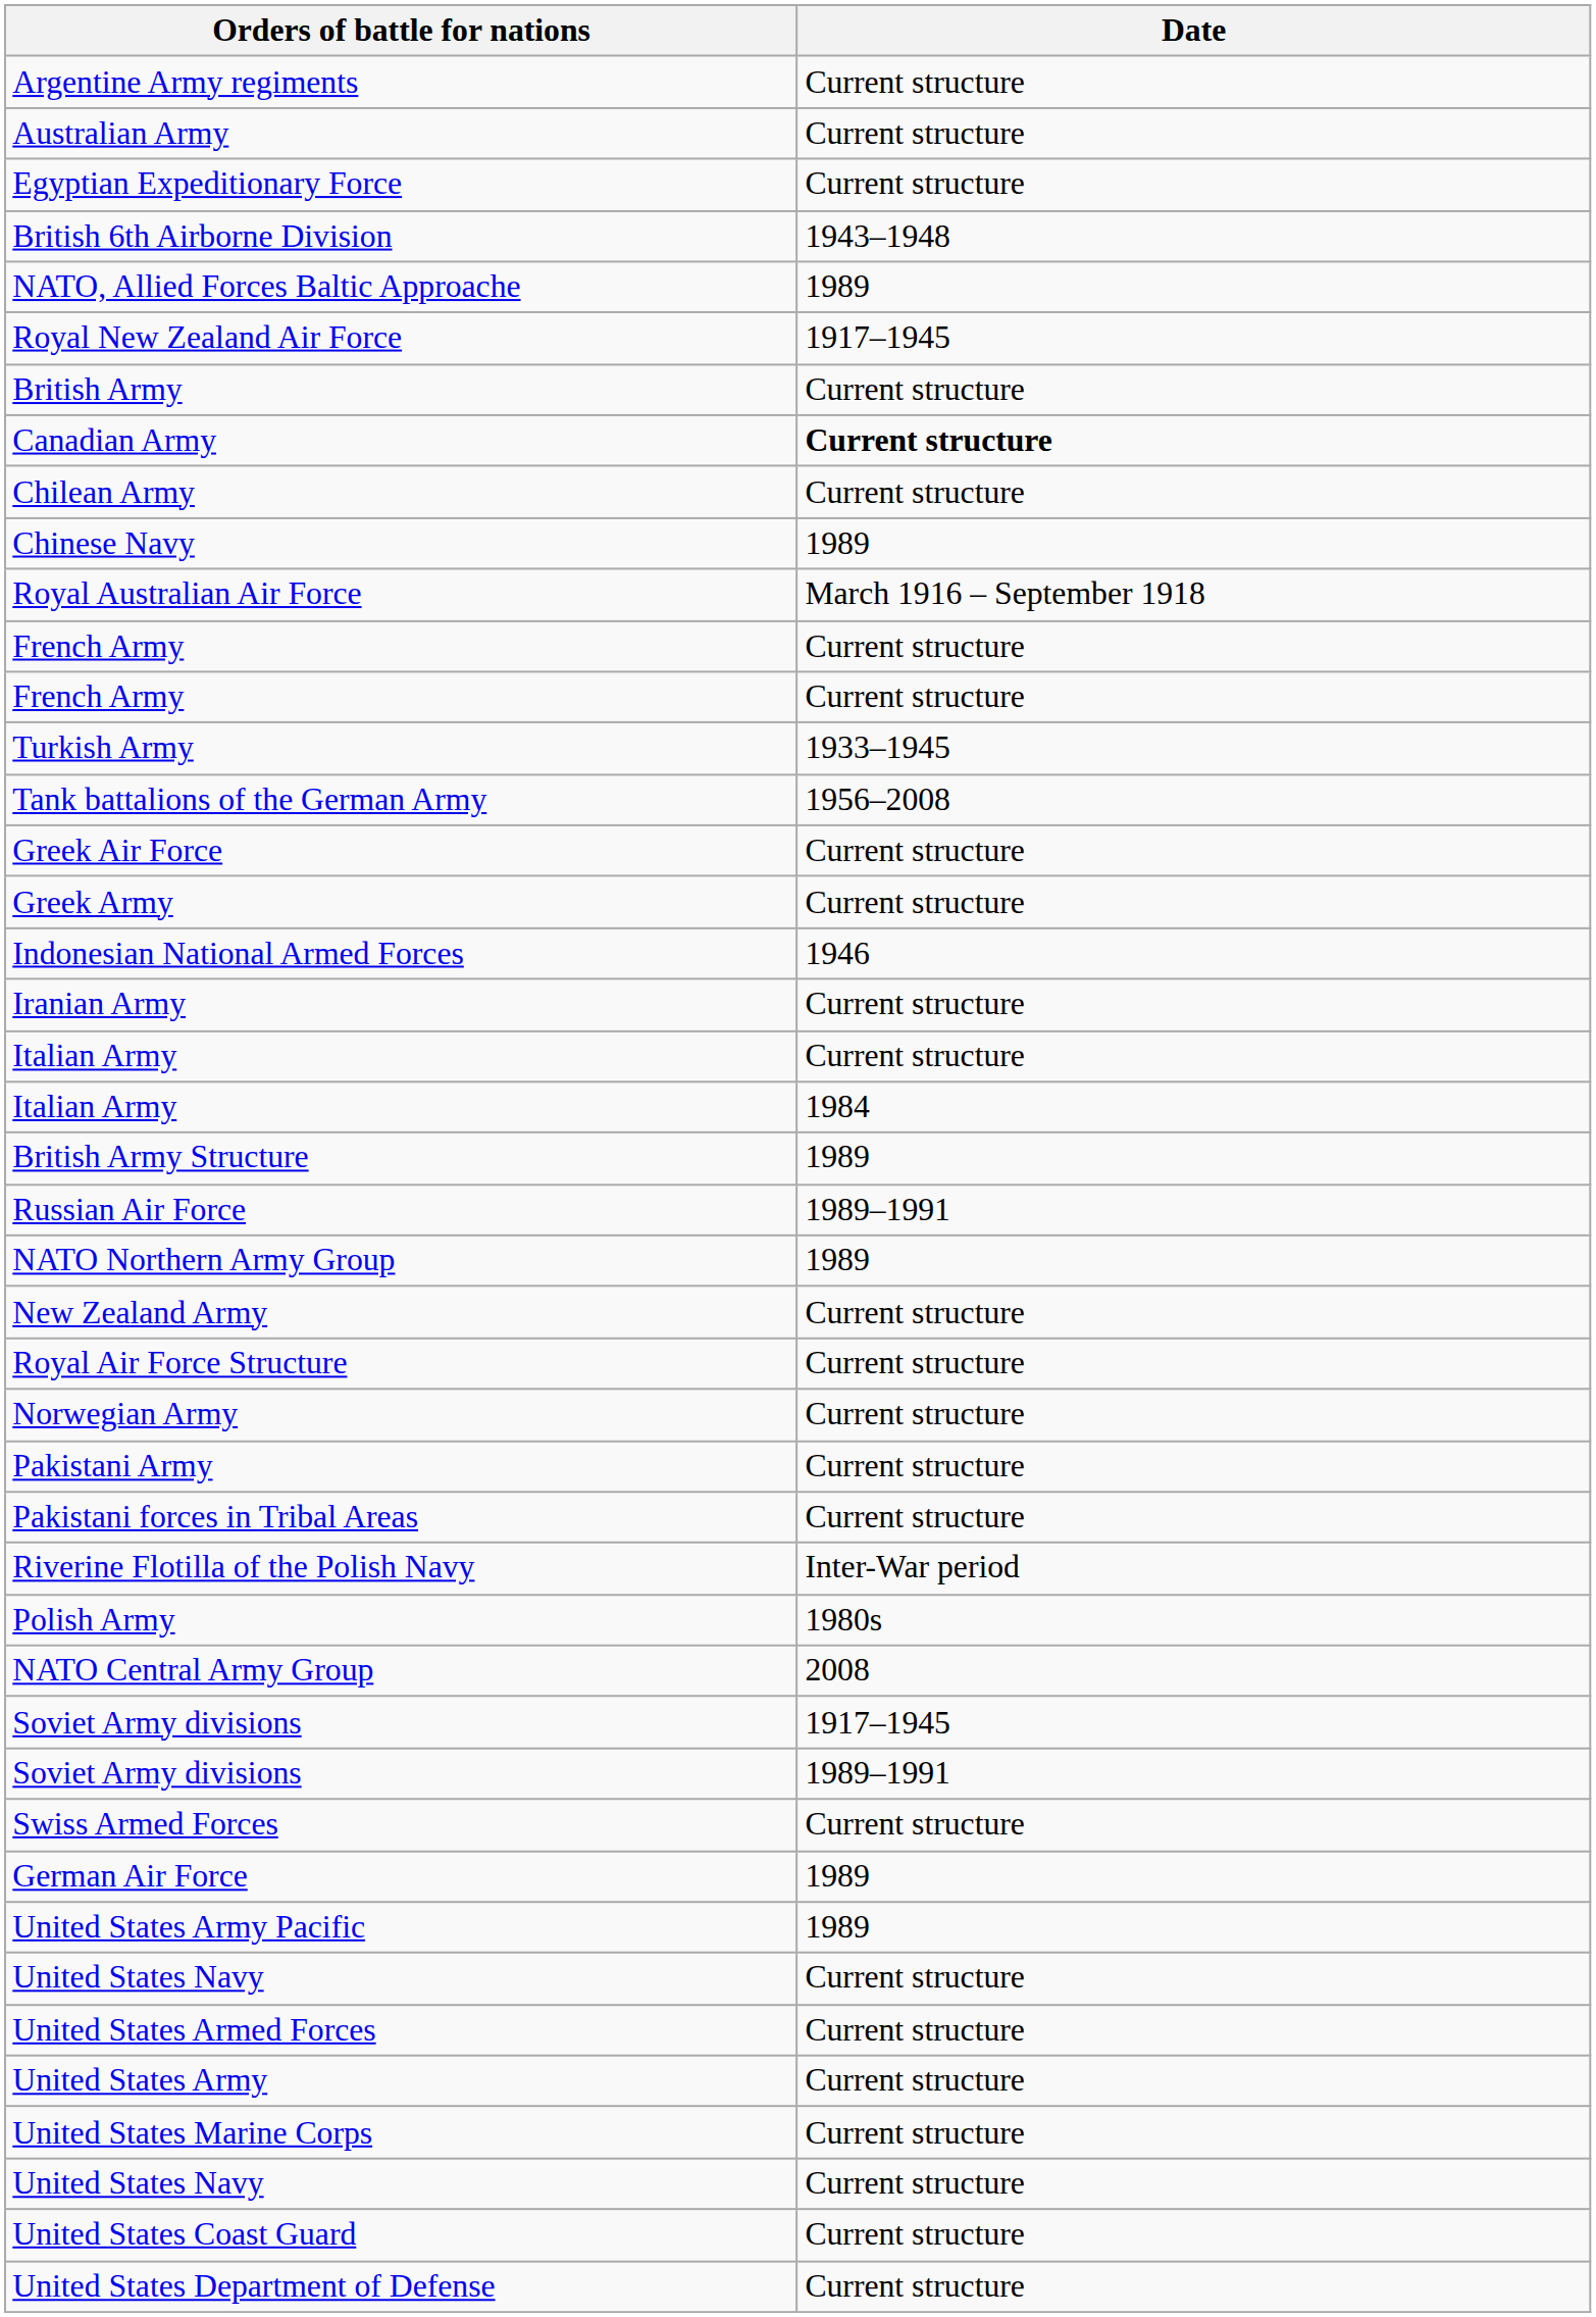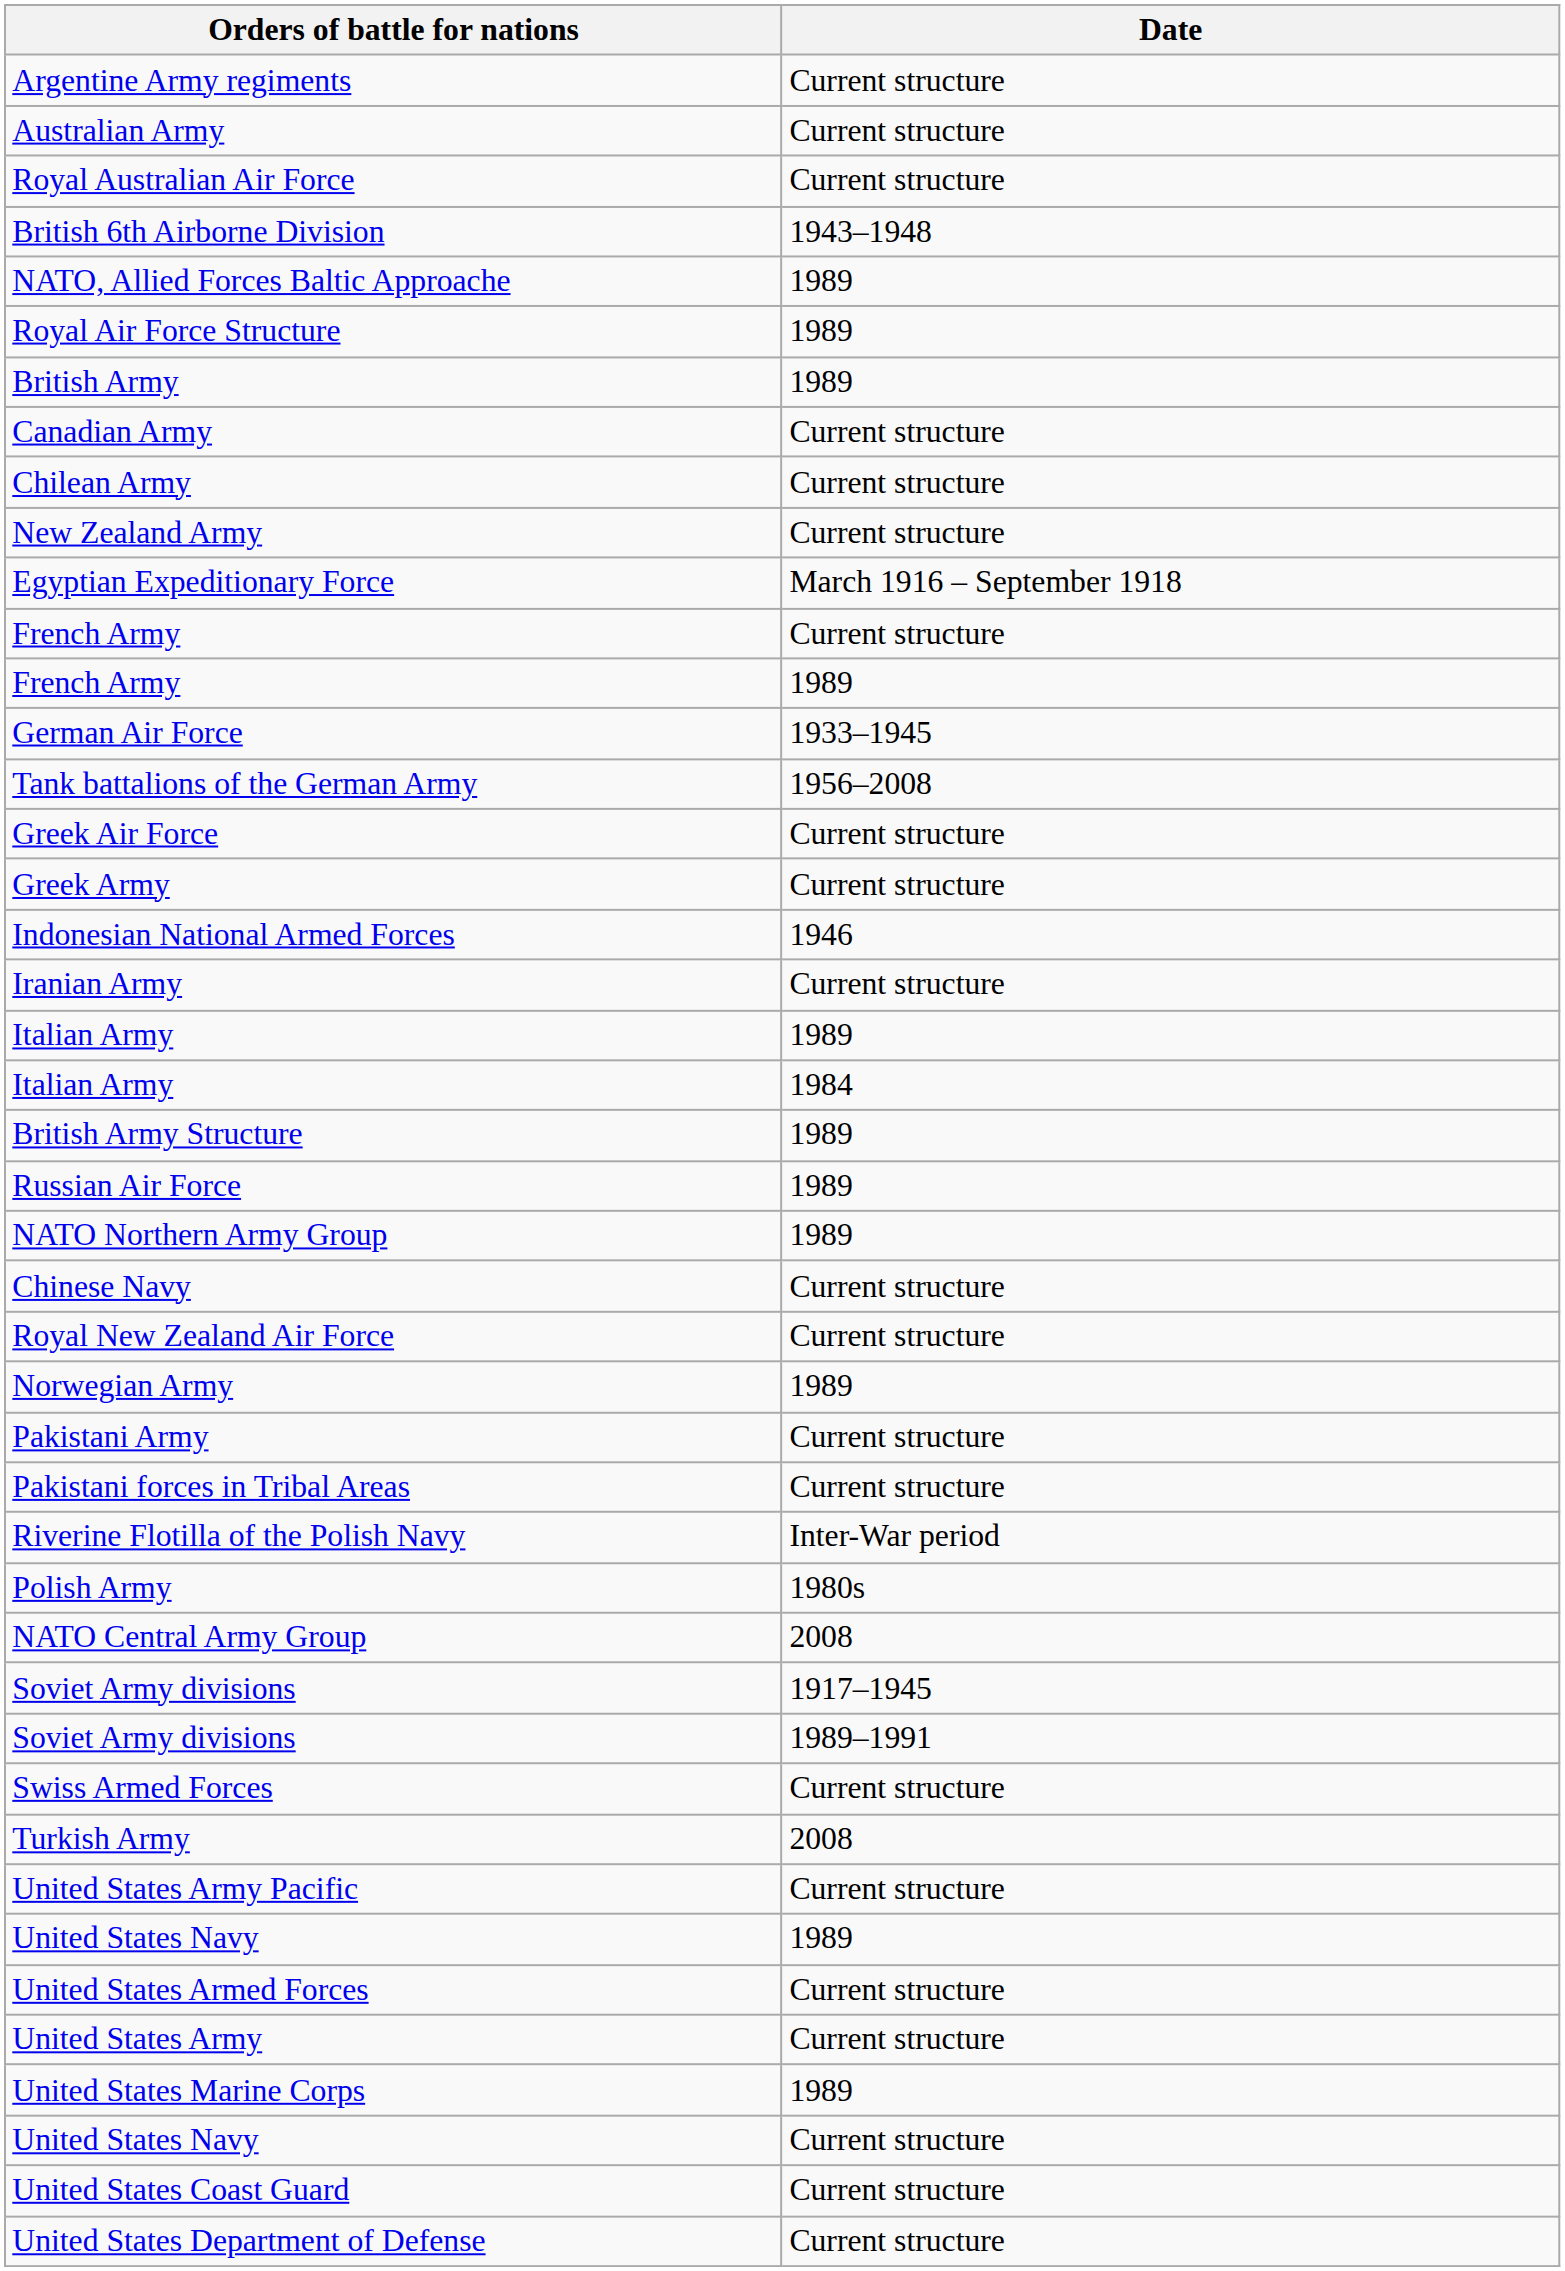 <table class="wikitable">
 <tr>
 <th style="width: 33%;">Orders of battle for nations</th>
 <th style="width: 33%;">Date</th>
 </tr>
 <tr>
 <td><a href='#'>Argentine Army regiments</a></td>
 <td>Current structure</td>
 </tr>
 <tr>
 <td><a href='#'>Australian Army</a></td>
 <td>Current structure</td>
 </tr>
 <tr>
-<td><a href='#'>Egyptian Expeditionary Force</a></td>
+<td><a href='#'>Royal Australian Air Force</a></td>
 <td>Current structure</td>
 </tr>
 <tr>
 <td><a href='#'>British 6th Airborne Division</a></td>
 <td>1943–1948</td>
 </tr>
 <tr>
 <td><a href='#'>NATO, Allied Forces Baltic Approache</a></td>
 <td>1989</td>
 </tr>
 <tr>
-<td><a href='#'>Royal New Zealand Air Force</a></td>
-<td>1917–1945</td>
+<td><a href='#'>Royal Air Force Structure</a></td>
+<td>1989</td>
 </tr>
 <tr>
 <td><a href='#'>British Army</a></td>
-<td>Current structure</td>
+<td>1989</td>
 </tr>
 <tr>
 <td><a href='#'>Canadian Army</a></td>
-<td><strong>Current structure</strong></td>
+<td>Current structure</td>
 </tr>
 <tr>
 <td><a href='#'>Chilean Army</a></td>
 <td>Current structure</td>
 </tr>
 <tr>
-<td><a href='#'>Chinese Navy</a></td>
-<td>1989</td>
+<td><a href='#'>New Zealand Army</a></td>
+<td>Current structure</td>
 </tr>
 <tr>
-<td><a href='#'>Royal Australian Air Force</a></td>
+<td><a href='#'>Egyptian Expeditionary Force</a></td>
 <td>March 1916 – September 1918</td>
 </tr>
 <tr>
 <td><a href='#'>French Army</a></td>
 <td>Current structure</td>
 </tr>
 <tr>
 <td><a href='#'>French Army</a></td>
-<td>Current structure</td>
+<td>1989</td>
 </tr>
 <tr>
-<td><a href='#'>Turkish Army</a></td>
+<td><a href='#'>German Air Force</a></td>
 <td>1933–1945</td>
 </tr>
 <tr>
 <td><a href='#'>Tank battalions of the German Army</a></td>
 <td>1956–2008</td>
 </tr>
 <tr>
 <td><a href='#'>Greek Air Force</a></td>
 <td>Current structure</td>
 </tr>
 <tr>
 <td><a href='#'>Greek Army</a></td>
 <td>Current structure</td>
 </tr>
 <tr>
 <td><a href='#'>Indonesian National Armed Forces</a></td>
 <td>1946</td>
 </tr>
 <tr>
 <td><a href='#'>Iranian Army</a></td>
 <td>Current structure</td>
 </tr>
 <tr>
 <td><a href='#'>Italian Army</a></td>
-<td>Current structure</td>
+<td>1989</td>
 </tr>
 <tr>
 <td><a href='#'>Italian Army</a></td>
 <td>1984</td>
 </tr>
 <tr>
 <td><a href='#'>British Army Structure</a></td>
 <td>1989</td>
 </tr>
 <tr>
 <td><a href='#'>Russian Air Force</a></td>
-<td>1989–1991</td>
+<td>1989</td>
 </tr>
 <tr>
 <td><a href='#'>NATO Northern Army Group</a></td>
 <td>1989</td>
 </tr>
 <tr>
-<td><a href='#'>New Zealand Army</a></td>
+<td><a href='#'>Chinese Navy</a></td>
 <td>Current structure</td>
 </tr>
 <tr>
-<td><a href='#'>Royal Air Force Structure</a></td>
+<td><a href='#'>Royal New Zealand Air Force</a></td>
 <td>Current structure</td>
 </tr>
 <tr>
 <td><a href='#'>Norwegian Army</a></td>
-<td>Current structure</td>
+<td>1989</td>
 </tr>
 <tr>
 <td><a href='#'>Pakistani Army</a></td>
 <td>Current structure</td>
 </tr>
 <tr>
 <td><a href='#'>Pakistani forces in Tribal Areas</a></td>
 <td>Current structure</td>
 </tr>
 <tr>
 <td><a href='#'>Riverine Flotilla of the Polish Navy</a></td>
 <td>Inter-War period</td>
 </tr>
 <tr>
 <td><a href='#'>Polish Army</a></td>
 <td>1980s</td>
 </tr>
 <tr>
 <td><a href='#'>NATO Central Army Group</a></td>
 <td>2008</td>
 </tr>
 <tr>
 <td><a href='#'>Soviet Army divisions</a></td>
 <td>1917–1945</td>
 </tr>
 <tr>
 <td><a href='#'>Soviet Army divisions</a></td>
 <td>1989–1991</td>
 </tr>
 <tr>
 <td><a href='#'>Swiss Armed Forces</a></td>
 <td>Current structure</td>
 </tr>
 <tr>
-<td><a href='#'>German Air Force</a></td>
-<td>1989</td>
+<td><a href='#'>Turkish Army</a></td>
+<td>2008</td>
 </tr>
 <tr>
 <td><a href='#'>United States Army Pacific</a></td>
-<td>1989</td>
+<td>Current structure</td>
 </tr>
 <tr>
 <td><a href='#'>United States Navy</a></td>
-<td>Current structure</td>
+<td>1989</td>
 </tr>
 <tr>
 <td><a href='#'>United States Armed Forces</a></td>
 <td>Current structure</td>
 </tr>
 <tr>
 <td><a href='#'>United States Army</a></td>
 <td>Current structure</td>
 </tr>
 <tr>
 <td><a href='#'>United States Marine Corps</a></td>
-<td>Current structure</td>
+<td>1989</td>
 </tr>
 <tr>
 <td><a href='#'>United States Navy</a></td>
 <td>Current structure</td>
 </tr>
 <tr>
 <td><a href='#'>United States Coast Guard</a></td>
 <td>Current structure</td>
 </tr>
 <tr>
 <td><a href='#'>United States Department of Defense</a></td>
 <td>Current structure</td>
 </tr>
 </table>
